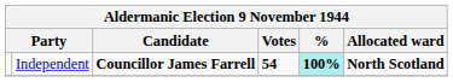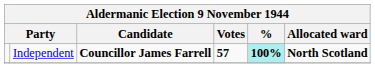 <table class="wikitable">
 <tr>
 <th colspan="6"><strong>Aldermanic Election 9 November 1944</strong></th>
 </tr>
 <tr>
 <th colspan="2">Party</th>
 <th>Candidate</th>
 <th>Votes</th>
 <th>%</th>
 <th>Allocated ward</th>
 </tr>
 <tr>
 <td style="background-color:"></td>
 <td><a href='#'>Independent</a></td>
 <td><strong>Councillor James Farrell</strong></td>
-<td><strong>54</strong></td>
+<td><strong>57</strong></td>
 <td style="background: paleturquoise;"><strong>100%</strong></td>
 <td><strong>North Scotland</strong></td>
 </tr>
 <tr>
 </tr>
 </table>
